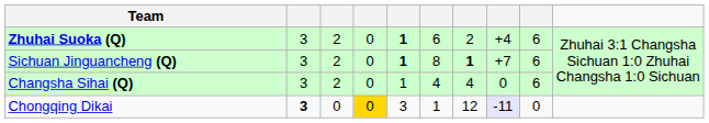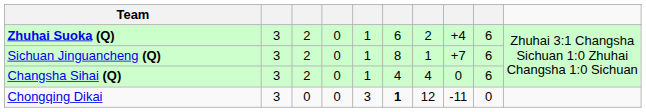 <table class="wikitable" style="text-align:center;">
 <tr>
 <th width=310>Team</th>
 <th width=30></th>
 <th width=30></th>
 <th width=30></th>
 <th width=30></th>
 <th width=30></th>
 <th width=30></th>
 <th width=30></th>
 <th width=30></th>
 </tr>
 <tr bgcolor="#ccffcc">
 <td align="left"><strong><a href='#'>Zhuhai Suoka</a> (Q)</strong></td>
 <td>3</td>
 <td>2</td>
 <td>0</td>
-<td><strong>1</strong></td>
+<td>1</td>
 <td>6</td>
 <td>2</td>
 <td>+4</td>
 <td>6</td>
 <td rowspan="3">Zhuhai 3:1 Changsha <br> Sichuan 1:0 Zhuhai <br> Changsha 1:0 Sichuan</td>
 </tr>
 <tr bgcolor="#ccffcc">
 <td align="left"><a href='#'>Sichuan Jinguancheng</a> <strong>(Q)</strong></td>
 <td>3</td>
 <td>2</td>
 <td>0</td>
-<td><strong>1</strong></td>
+<td>1</td>
 <td>8</td>
-<td><strong>1</strong></td>
+<td>1</td>
 <td>+7</td>
 <td>6</td>
 </tr>
 <tr bgcolor="#ccffcc">
 <td align="left"><a href='#'>Changsha Sihai</a> <strong>(Q)</strong></td>
 <td>3</td>
 <td>2</td>
 <td>0</td>
 <td>1</td>
 <td>4</td>
 <td>4</td>
 <td>0</td>
 <td>6</td>
 </tr>
 <tr>
 <td align="left"><a href='#'>Chongqing Dikai</a></td>
-<td><strong>3</strong></td>
+<td>3</td>
 <td>0</td>
-<td style="background: gold;">0</td>
+<td>0</td>
 <td>3</td>
-<td>1</td>
+<td><strong>1</strong></td>
 <td>12</td>
-<td style="background: lavender;">-11</td>
+<td>-11</td>
 <td>0</td>
 </tr>
 </table>
